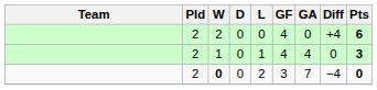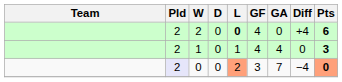 <table class="wikitable" style="text-align: center;">
 <tr>
 <th width=220>Team</th>
 <th width=20>Pld</th>
 <th width=20>W</th>
 <th width=20>D</th>
 <th width=20>L</th>
 <th width=20>GF</th>
 <th width=20>GA</th>
 <th width=20>Diff</th>
 <th width=20>Pts</th>
 </tr>
 <tr bgcolor=ccffcc>
 <td align="left"></td>
 <td>2</td>
 <td>2</td>
 <td>0</td>
-<td>0</td>
+<td><strong>0</strong></td>
 <td>4</td>
 <td>0</td>
 <td>+4</td>
 <td><strong>6</strong></td>
 </tr>
 <tr bgcolor=ccffcc>
 <td align="left"></td>
 <td>2</td>
 <td>1</td>
 <td>0</td>
 <td>1</td>
 <td>4</td>
 <td>4</td>
 <td>0</td>
 <td><strong>3</strong></td>
 </tr>
 <tr>
 <td align="left"></td>
-<td>2</td>
-<td><strong>0</strong></td>
+<td style="background: lavender;">2</td>
 <td>0</td>
-<td>2</td>
+<td>0</td>
+<td style="background: lightsalmon;">2</td>
 <td>3</td>
 <td>7</td>
 <td>−4</td>
-<td><strong>0</strong></td>
+<td style="background: lightsalmon;"><strong>0</strong></td>
 </tr>
 <tr>
 </tr>
 </table>
